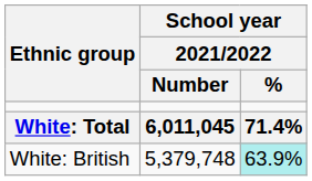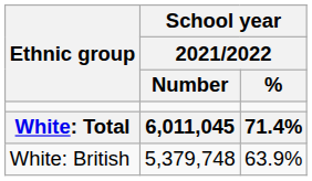 <table class="wikitable">
 <tr>
 <th rowspan="3">Ethnic group</th>
 <th colspan="2">School year</th>
 </tr>
 <tr>
 <th colspan="2">2021/2022</th>
 </tr>
 <tr>
 <th>Number</th>
 <th>%</th>
 </tr>
 <tr>
 <td></td>
 <td></td>
 <td></td>
 </tr>
 <tr>
 <th><a href='#'>White</a>: Total</th>
 <th>6,011,045</th>
 <th>71.4%</th>
 </tr>
 <tr>
 <td>White: British</td>
 <td>5,379,748</td>
-<td style="background: paleturquoise;">63.9%</td>
+<td>63.9%</td>
 </tr>
 </table>
